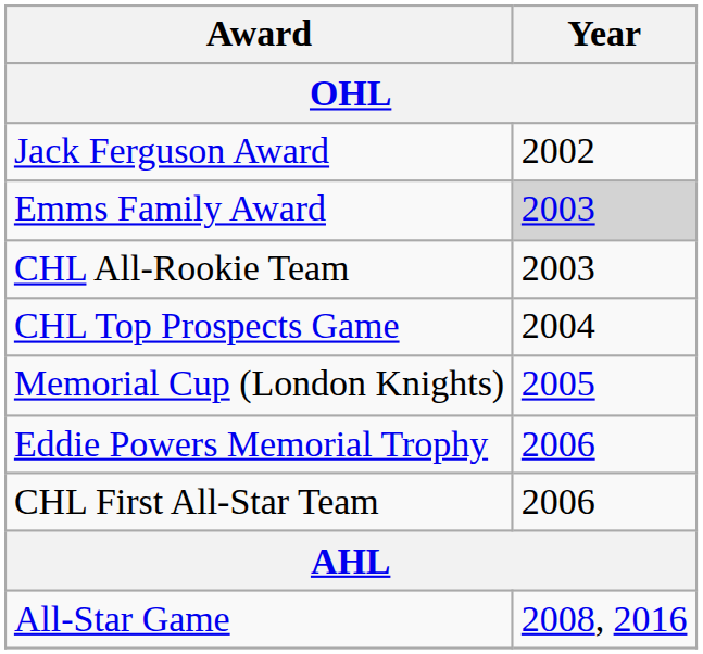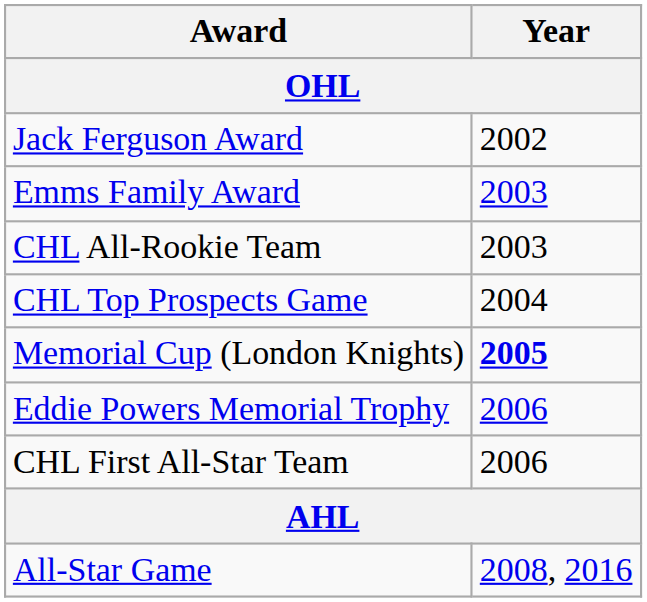 <table class="wikitable">
 <tr>
 <th>Award</th>
 <th>Year</th>
 </tr>
 <tr>
 <th colspan="3"><a href='#'>OHL</a></th>
 </tr>
 <tr>
 <td><a href='#'>Jack Ferguson Award</a></td>
 <td>2002</td>
 </tr>
 <tr>
 <td><a href='#'>Emms Family Award</a></td>
-<td style="background: lightgrey;"><a href='#'>2003</a></td>
+<td><a href='#'>2003</a></td>
 </tr>
 <tr>
 <td><a href='#'>CHL</a> All-Rookie Team</td>
 <td>2003</td>
 </tr>
 <tr>
 <td><a href='#'>CHL Top Prospects Game</a></td>
 <td>2004</td>
 </tr>
 <tr>
 <td><a href='#'>Memorial Cup</a> (London Knights)</td>
-<td><a href='#'>2005</a></td>
+<td><strong><a href='#'>2005</a></strong></td>
 </tr>
 <tr>
 <td><a href='#'>Eddie Powers Memorial Trophy</a></td>
 <td><a href='#'>2006</a></td>
 </tr>
 <tr>
 <td>CHL First All-Star Team</td>
 <td>2006</td>
 </tr>
 <tr>
 <th colspan="3"><a href='#'>AHL</a></th>
 </tr>
 <tr>
 <td><a href='#'>All-Star Game</a></td>
 <td><a href='#'>2008</a>, <a href='#'>2016</a></td>
 </tr>
 </table>
